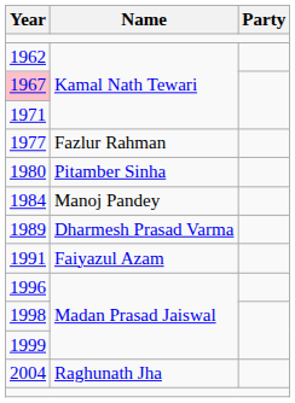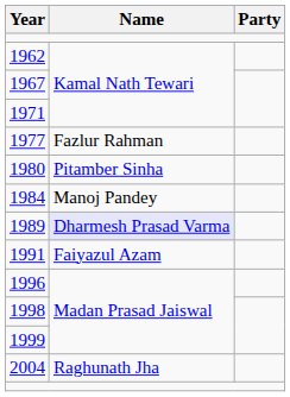 <table class="wikitable">
 <tr>
 <th>Year</th>
 <th>Name</th>
 <th colspan=2>Party</th>
 </tr>
 <tr>
 <td colspan=4></td>
 </tr>
 <tr>
 <td><a href='#'>1962</a></td>
 <td rowspan=3><a href='#'>Kamal Nath Tewari</a></td>
 <td></td>
 </tr>
 <tr>
-<td style="background: pink;"><a href='#'>1967</a></td>
+<td><a href='#'>1967</a></td>
 </tr>
 <tr>
 <td><a href='#'>1971</a></td>
 </tr>
 <tr>
 <td><a href='#'>1977</a></td>
 <td>Fazlur Rahman</td>
 <td></td>
 </tr>
 <tr>
 <td><a href='#'>1980</a></td>
 <td><a href='#'>Pitamber Sinha</a></td>
 <td></td>
 </tr>
 <tr>
 <td><a href='#'>1984</a></td>
 <td>Manoj Pandey</td>
 <td></td>
 </tr>
 <tr>
 <td><a href='#'>1989</a></td>
-<td><a href='#'>Dharmesh Prasad Varma</a></td>
+<td style="background: lavender;"><a href='#'>Dharmesh Prasad Varma</a></td>
 <td></td>
 </tr>
 <tr>
 <td><a href='#'>1991</a></td>
 <td><a href='#'>Faiyazul Azam</a></td>
 </tr>
 <tr>
 <td><a href='#'>1996</a></td>
 <td rowspan="3"><a href='#'>Madan Prasad Jaiswal</a></td>
 <td></td>
 </tr>
 <tr>
 <td><a href='#'>1998</a></td>
 </tr>
 <tr>
 <td><a href='#'>1999</a></td>
 </tr>
 <tr>
 <td><a href='#'>2004</a></td>
 <td><a href='#'>Raghunath Jha</a></td>
 <td></td>
 </tr>
 <tr>
 <td colspan="4"></td>
 </tr>
 </table>
